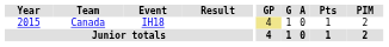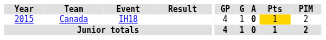 <table border="0" cellpadding="1" cellspacing="0" ID="Table3" style="text-align:center; width:40em;">
 <tr bgcolor="#e0e0e0">
 <th>Year</th>
 <th>Team</th>
 <th>Event</th>
 <th>Result</th>
 <th rowspan="99" bgcolor="#ffffff"></th>
 <th>GP</th>
 <th>G</th>
 <th>A</th>
 <th>Pts</th>
 <th>PIM</th>
 </tr>
 <tr>
 <td><a href='#'>2015</a></td>
 <td><a href='#'>Canada</a></td>
 <td><a href='#'>IH18</a></td>
 <td></td>
-<td style="background: khaki;">4</td>
+<td>4</td>
 <td>1</td>
-<td>0</td>
-<td>1</td>
+<td><strong>0</strong></td>
+<td style="background: gold;">1</td>
 <td>2</td>
 </tr>
 <tr bgcolor="#e0e0e0">
 <th colspan="4">Junior totals</th>
 <th>4</th>
 <th>1</th>
 <th>0</th>
 <th>1</th>
 <th>2</th>
 </tr>
 </table>
